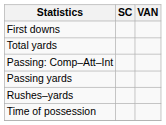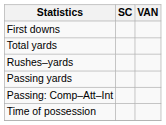 <table class="wikitable" style="float: left;">
 <tr>
 <th>Statistics</th>
 <th>SC</th>
 <th>VAN</th>
 </tr>
 <tr>
 <td>First downs</td>
 <td></td>
 <td></td>
 </tr>
 <tr>
 <td>Total yards</td>
 <td></td>
 <td></td>
 </tr>
 <tr>
-<td>Passing: Comp–Att–Int</td>
+<td>Rushes–yards</td>
 <td></td>
 <td></td>
 </tr>
 <tr>
 <td>Passing yards</td>
 <td></td>
 <td></td>
 </tr>
 <tr>
-<td>Rushes–yards</td>
+<td>Passing: Comp–Att–Int</td>
 <td></td>
 <td></td>
 </tr>
 <tr>
 <td>Time of possession</td>
 <td></td>
 <td></td>
 </tr>
 <tr>
 </tr>
 </table>
